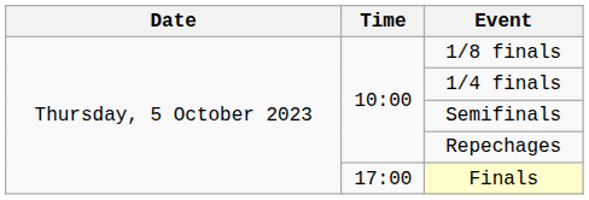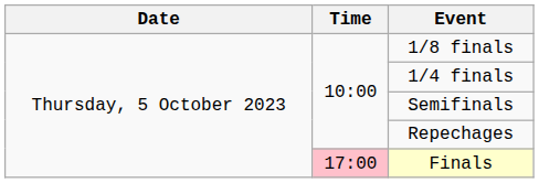 <table class = "wikitable" style="text-align:center;">
 <tr>
 <th width=220>Date</th>
 <th width=50>Time</th>
 <th width=100>Event</th>
 </tr>
 <tr>
 <td rowspan=5>Thursday, 5 October 2023</td>
 <td rowspan=4>10:00</td>
 <td>1/8 finals</td>
 </tr>
 <tr>
 <td>1/4 finals</td>
 </tr>
 <tr>
 <td>Semifinals</td>
 </tr>
 <tr>
 <td>Repechages</td>
 </tr>
 <tr>
-<td>17:00</td>
+<td style="background: pink;">17:00</td>
 <td bgcolor=ffffcc>Finals</td>
 </tr>
 </table>
